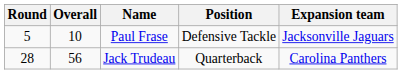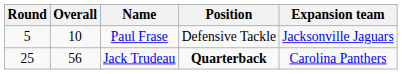 <table class="wikitable" style="text-align:center">
 <tr>
 <th>Round</th>
 <th>Overall</th>
 <th>Name</th>
 <th>Position</th>
 <th>Expansion team</th>
 </tr>
 <tr>
 <td>5</td>
 <td>10</td>
 <td><a href='#'>Paul Frase</a></td>
 <td>Defensive Tackle</td>
 <td><a href='#'>Jacksonville Jaguars</a></td>
 </tr>
 <tr>
-<td>28</td>
+<td>25</td>
 <td>56</td>
 <td><a href='#'>Jack Trudeau</a></td>
-<td>Quarterback</td>
+<td><strong>Quarterback</strong></td>
 <td><a href='#'>Carolina Panthers</a></td>
 </tr>
 </table>
